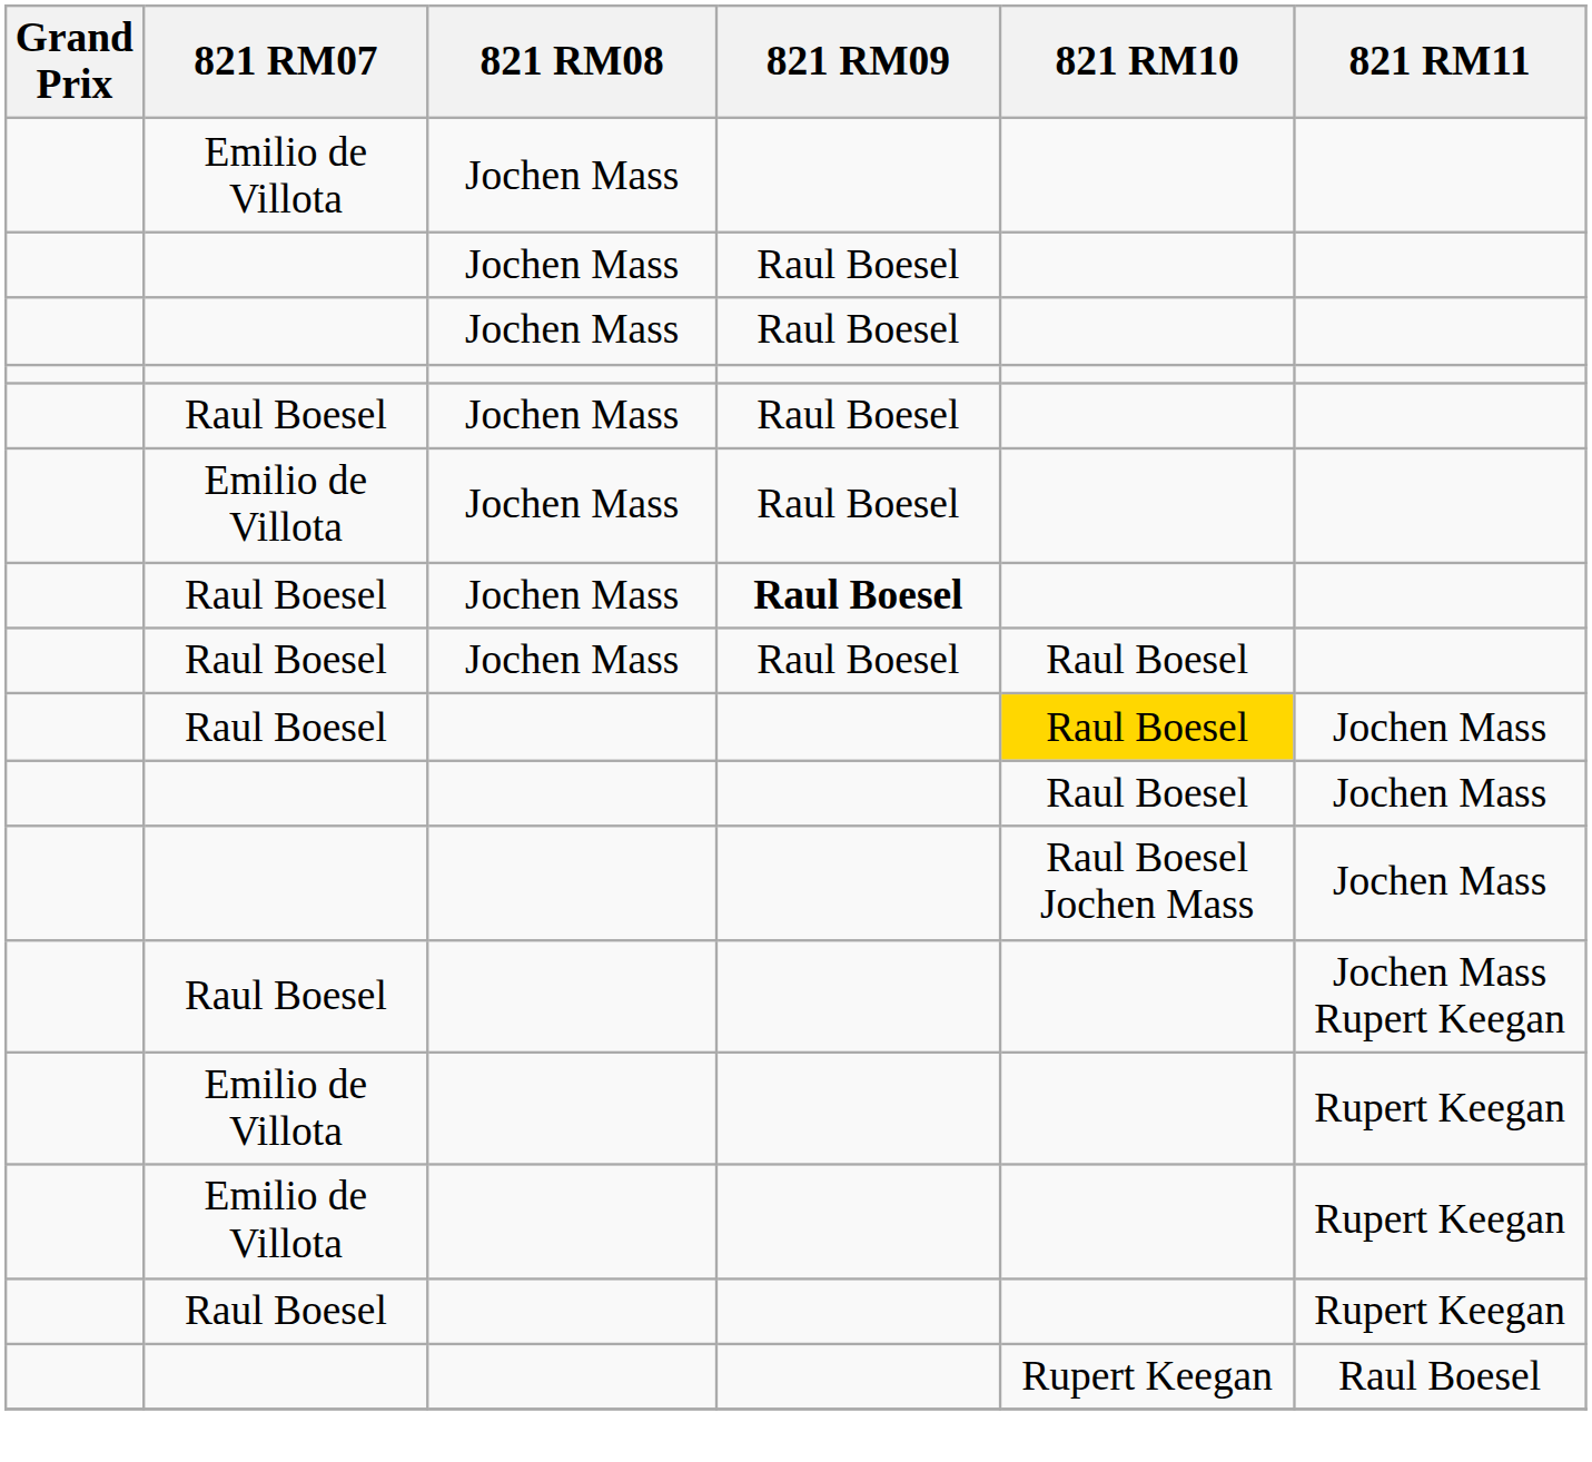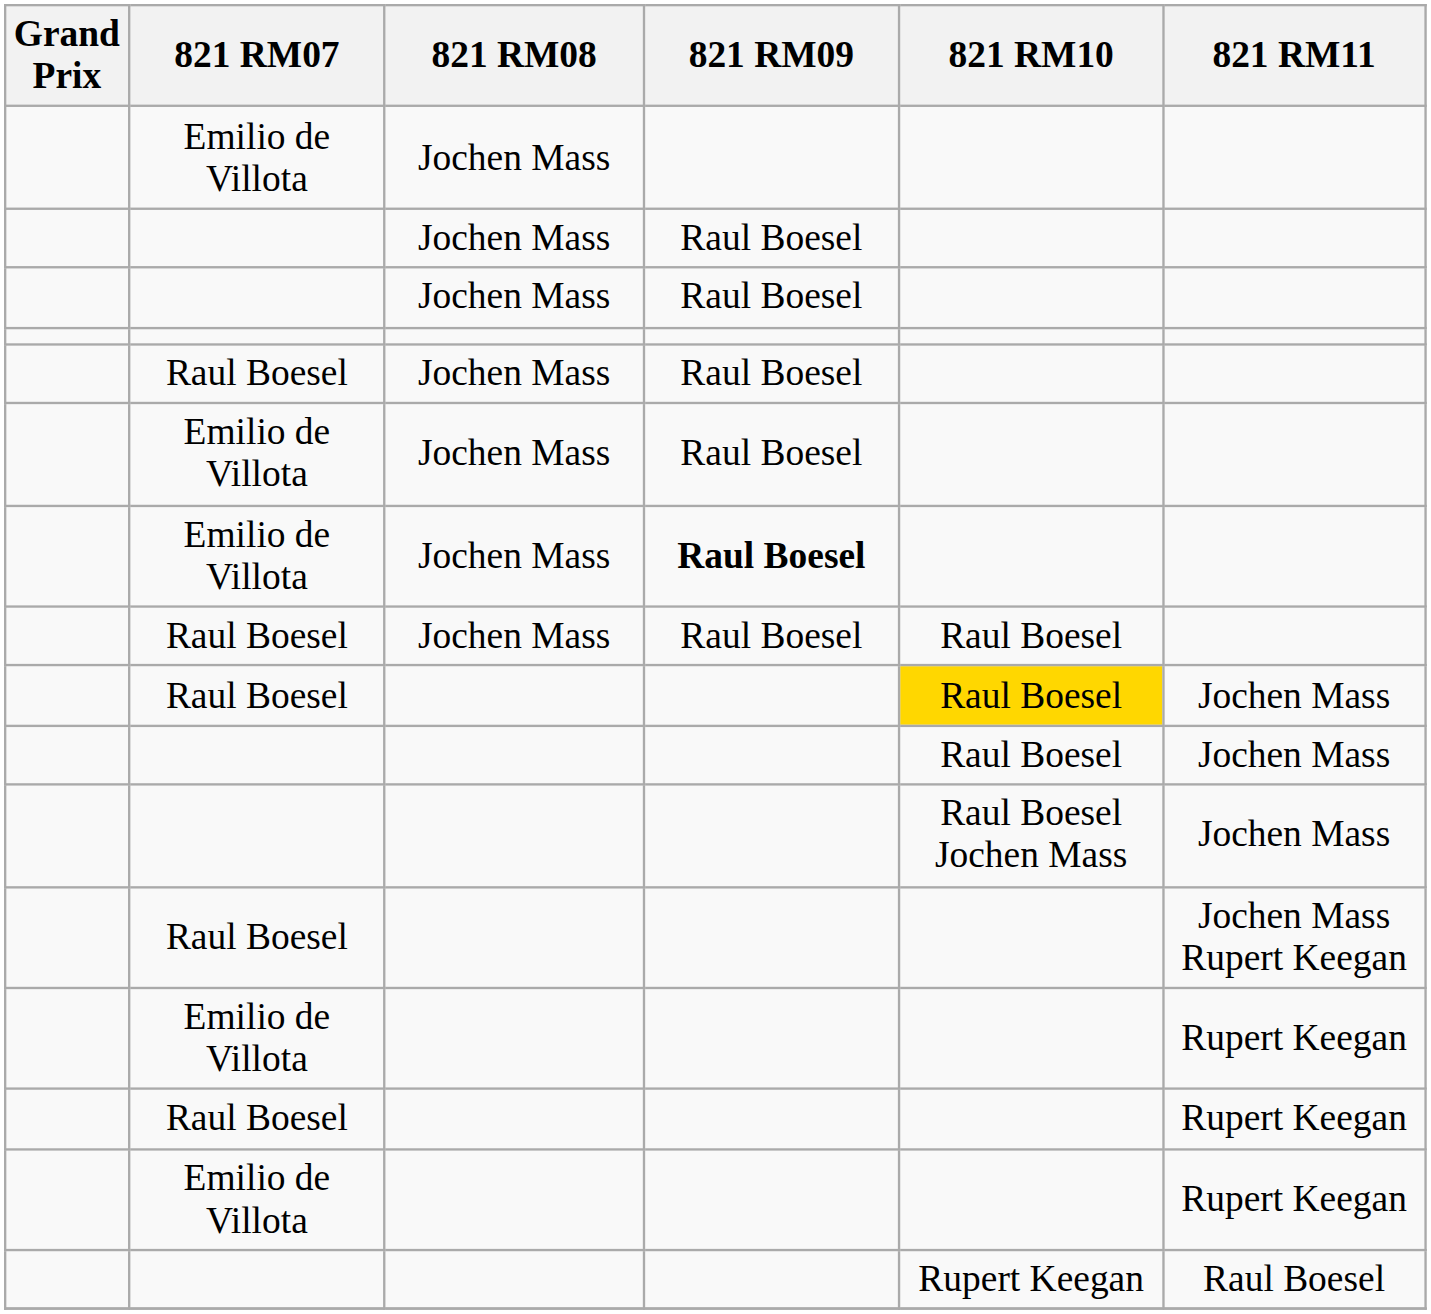 <table class="wikitable" style="text-align:center">
 <tr class="hintergrundfarbe5">
 <th>Grand Prix</th>
 <th style="width:10em">821 RM07</th>
 <th style="width:10em">821 RM08</th>
 <th style="width:10em">821 RM09</th>
 <th style="width:10em">821 RM10</th>
 <th style="width:10em">821 RM11</th>
 </tr>
 <tr>
 <td align="left"></td>
 <td>Emilio de Villota</td>
 <td>Jochen Mass</td>
 <td></td>
 <td></td>
 <td></td>
 </tr>
 <tr>
 <td align="left"></td>
 <td></td>
 <td>Jochen Mass</td>
 <td>Raul Boesel</td>
 <td></td>
 <td></td>
 </tr>
 <tr>
 <td align="left"></td>
 <td></td>
 <td>Jochen Mass</td>
 <td>Raul Boesel</td>
 <td></td>
 <td></td>
 </tr>
 <tr>
 <td align="left"></td>
 <td></td>
 <td></td>
 <td></td>
 <td></td>
 <td></td>
 </tr>
 <tr>
 <td align="left"></td>
 <td>Raul Boesel</td>
 <td>Jochen Mass</td>
 <td>Raul Boesel</td>
 <td></td>
 <td></td>
 </tr>
 <tr>
 <td align="left"></td>
 <td>Emilio de Villota</td>
 <td>Jochen Mass</td>
 <td>Raul Boesel</td>
 <td></td>
 <td></td>
 </tr>
 <tr>
 <td align="left"></td>
-<td>Raul Boesel</td>
+<td>Emilio de Villota</td>
 <td>Jochen Mass</td>
 <td><strong>Raul Boesel</strong></td>
 <td></td>
 <td></td>
 </tr>
 <tr>
 <td align="left"></td>
 <td>Raul Boesel</td>
 <td>Jochen Mass</td>
 <td>Raul Boesel</td>
 <td>Raul Boesel</td>
 <td></td>
 </tr>
 <tr>
 <td align="left"></td>
 <td>Raul Boesel</td>
 <td></td>
 <td></td>
 <td style="background: gold;">Raul Boesel</td>
 <td>Jochen Mass</td>
 </tr>
 <tr>
 <td align="left"></td>
 <td></td>
 <td></td>
 <td></td>
 <td>Raul Boesel</td>
 <td>Jochen Mass</td>
 </tr>
 <tr>
 <td align="left"></td>
 <td></td>
 <td></td>
 <td></td>
 <td>Raul Boesel <br> Jochen Mass</td>
 <td>Jochen Mass</td>
 </tr>
 <tr>
 <td align="left"></td>
 <td>Raul Boesel</td>
 <td></td>
 <td></td>
 <td></td>
 <td>Jochen Mass <br> Rupert Keegan</td>
 </tr>
 <tr>
 <td align="left"></td>
 <td>Emilio de Villota</td>
 <td></td>
 <td></td>
 <td></td>
 <td>Rupert Keegan</td>
 </tr>
 <tr>
 <td align="left"></td>
-<td>Emilio de Villota</td>
+<td>Raul Boesel</td>
 <td></td>
 <td></td>
 <td></td>
 <td>Rupert Keegan</td>
 </tr>
 <tr>
 <td align="left"></td>
-<td>Raul Boesel</td>
+<td>Emilio de Villota</td>
 <td></td>
 <td></td>
 <td></td>
 <td>Rupert Keegan</td>
 </tr>
 <tr>
 <td align="left"></td>
 <td></td>
 <td></td>
 <td></td>
 <td>Rupert Keegan</td>
 <td>Raul Boesel</td>
 </tr>
 <tr>
 </tr>
 </table>
